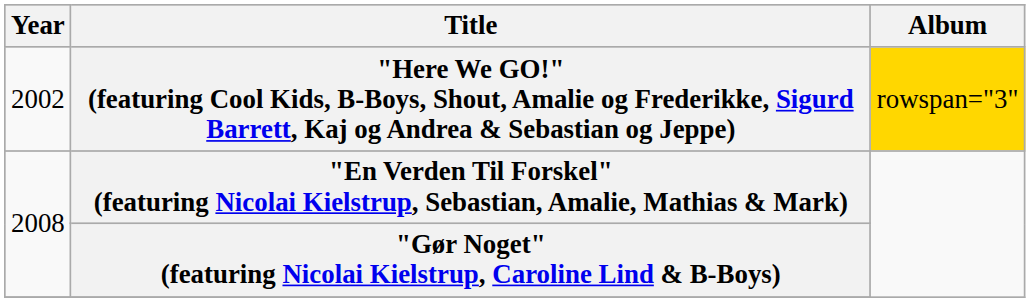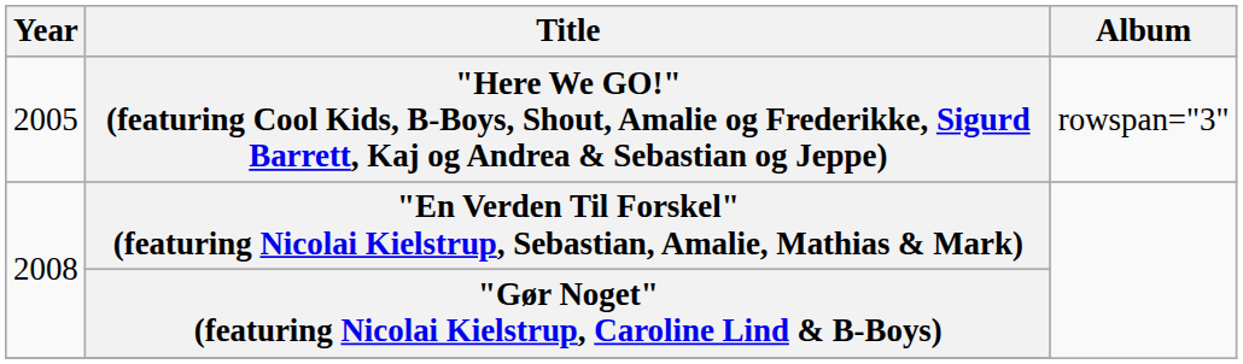 <table class="wikitable plainrowheaders" style="text-align:center;">
 <tr>
 <th scope="col">Year</th>
 <th scope="col">Title</th>
 <th scope="col">Album</th>
 </tr>
 <tr>
-<td>2002</td>
+<td>2005</td>
 <th scope="row">"Here We GO!"<br><span>(featuring Cool Kids, B-Boys, Shout, Amalie og Frederikke, <a href='#'>Sigurd Barrett</a>, Kaj og Andrea & Sebastian og Jeppe)</span></th>
-<td style="background: gold;">rowspan="3" </td>
+<td>rowspan="3" </td>
 </tr>
 <tr>
 <td rowspan="2">2008</td>
 <th scope="row">"En Verden Til Forskel"<br><span>(featuring <a href='#'>Nicolai Kielstrup</a>, Sebastian, Amalie, Mathias & Mark)</span></th>
 </tr>
 <tr>
 <th scope="row">"Gør Noget"<br><span>(featuring <a href='#'>Nicolai Kielstrup</a>, <a href='#'>Caroline Lind</a> & B-Boys)</span></th>
 </tr>
 <tr>
 </tr>
 </table>
